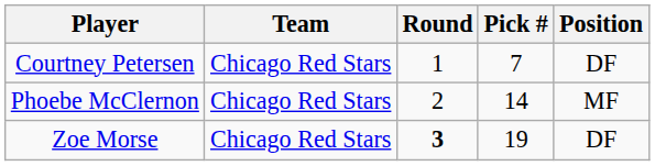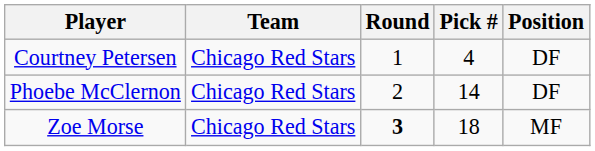 <table class="wikitable" style="text-align: center;">
 <tr>
 <th>Player</th>
 <th>Team</th>
 <th>Round</th>
 <th>Pick #</th>
 <th>Position</th>
 </tr>
 <tr>
 <td><a href='#'>Courtney Petersen</a></td>
 <td><a href='#'>Chicago Red Stars</a></td>
 <td>1</td>
-<td>7</td>
+<td>4</td>
 <td>DF</td>
 </tr>
 <tr>
 <td><a href='#'>Phoebe McClernon</a></td>
 <td><a href='#'>Chicago Red Stars</a></td>
 <td>2</td>
 <td>14</td>
-<td>MF</td>
+<td>DF</td>
 </tr>
 <tr>
 <td><a href='#'>Zoe Morse</a></td>
 <td><a href='#'>Chicago Red Stars</a></td>
 <td><strong>3</strong></td>
-<td>19</td>
-<td>DF</td>
+<td>18</td>
+<td>MF</td>
 </tr>
 </table>
